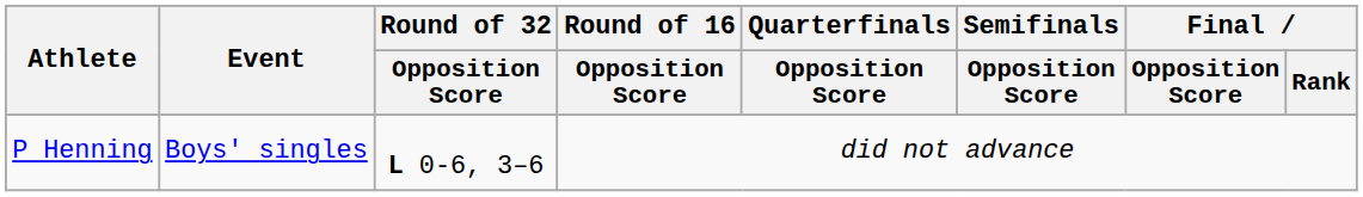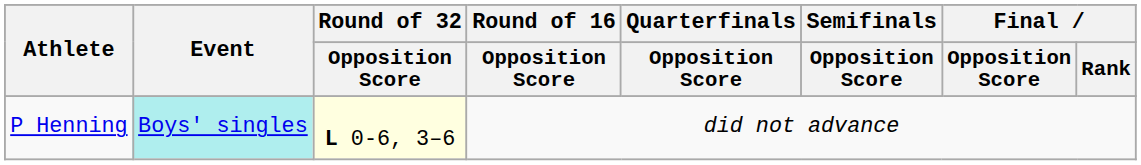 <table class=wikitable style="font-size:90%">
 <tr>
 <th rowspan=2>Athlete</th>
 <th rowspan=2>Event</th>
 <th>Round of 32</th>
 <th>Round of 16</th>
 <th>Quarterfinals</th>
 <th>Semifinals</th>
 <th colspan=2>Final / </th>
 </tr>
 <tr style="font-size:95%">
 <th>Opposition<br>Score</th>
 <th>Opposition<br>Score</th>
 <th>Opposition<br>Score</th>
 <th>Opposition<br>Score</th>
 <th>Opposition<br>Score</th>
 <th>Rank</th>
 </tr>
 <tr align=center>
 <td align=left><a href='#'>P Henning</a></td>
-<td align=left><a href='#'>Boys' singles</a></td>
-<td><br><strong>L</strong> 0-6, 3–6</td>
+<td align=left style="background: paleturquoise;"><a href='#'>Boys' singles</a></td>
+<td style="background: lightyellow;"><br><strong>L</strong> 0-6, 3–6</td>
 <td Colspan=5><em>did not advance</em></td>
 </tr>
 </table>
